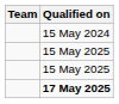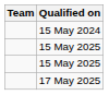 <table class="wikitable sortable">
 <tr>
 <th>Team</th>
 <th>Qualified on</th>
 </tr>
 <tr>
 <td></td>
 <td>15 May 2024</td>
 </tr>
 <tr>
 <td></td>
 <td>15 May 2025</td>
 </tr>
 <tr>
 <td></td>
 <td>15 May 2025</td>
 </tr>
 <tr>
 <td></td>
-<td><strong>17 May 2025</strong></td>
+<td>17 May 2025</td>
 </tr>
 </table>
